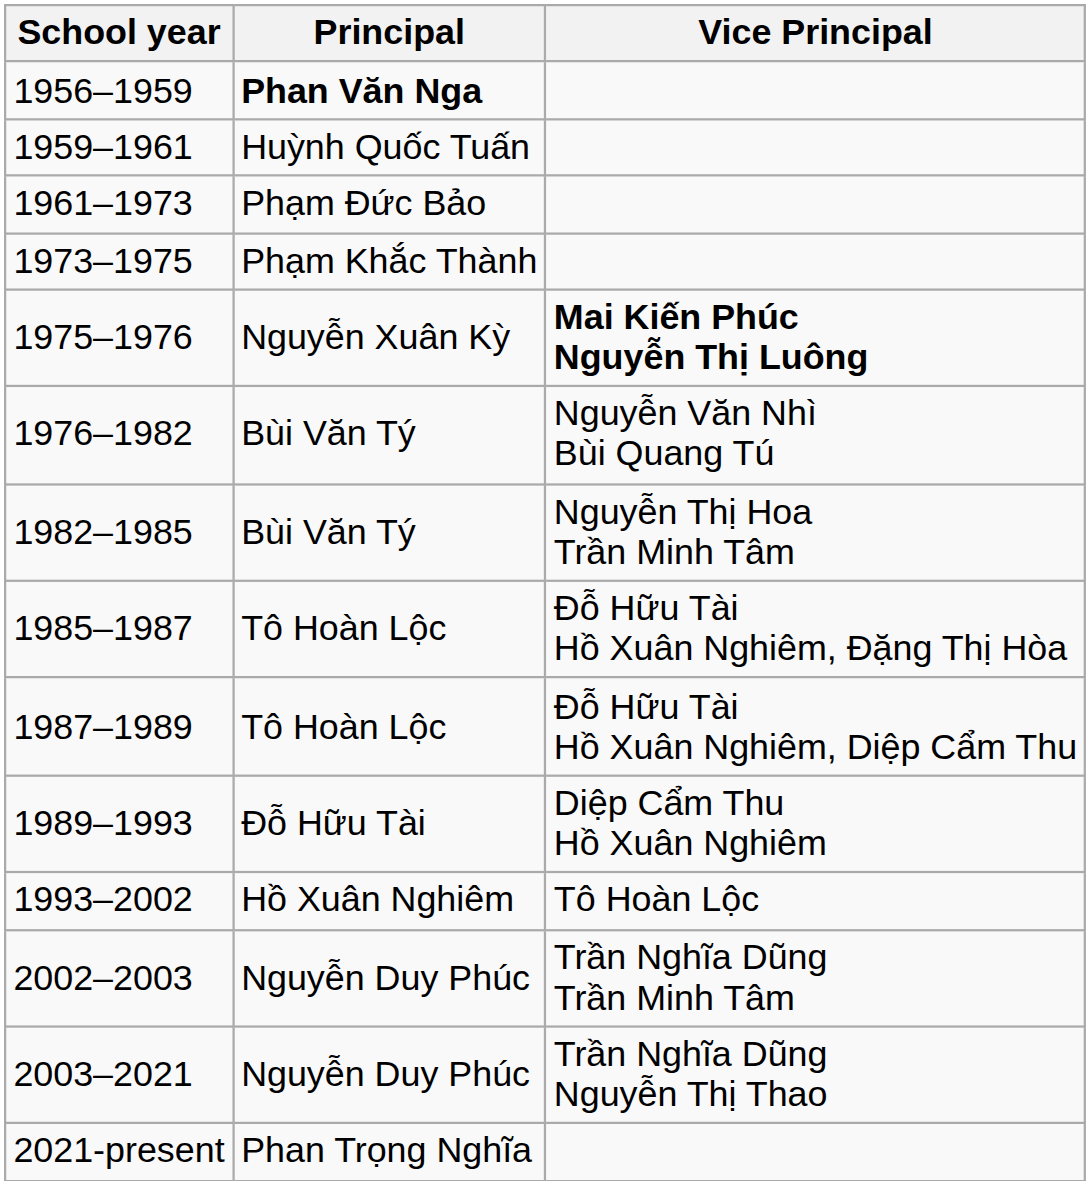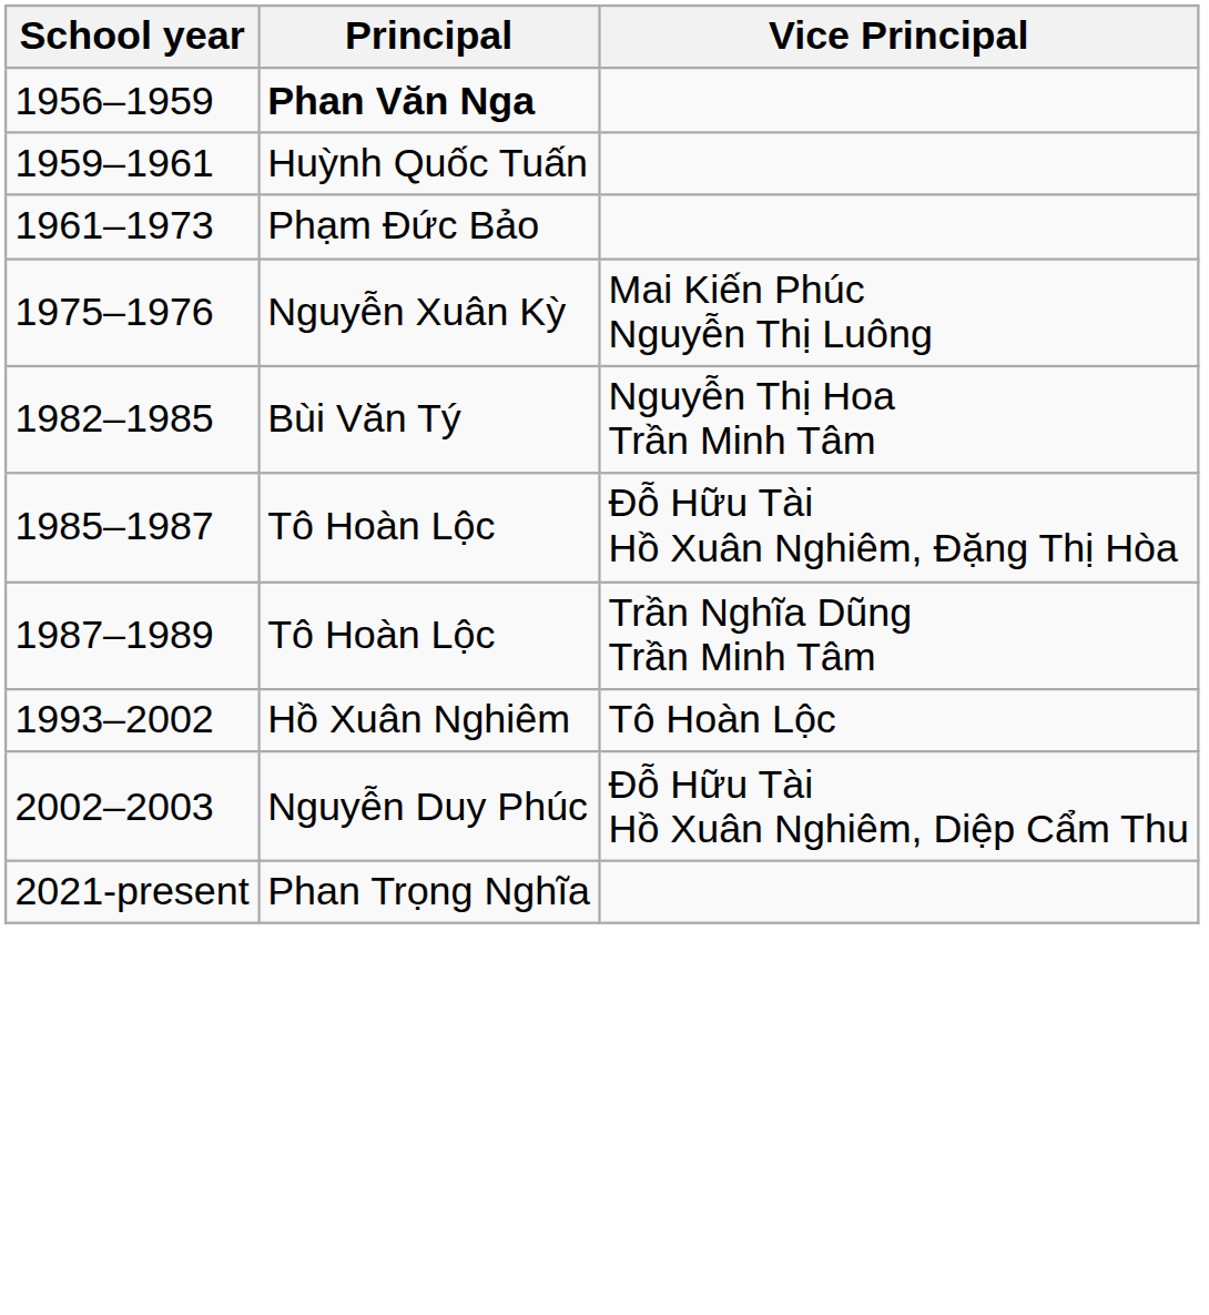 <table class="wikitable">
 <tr>
 <th>School year</th>
 <th>Principal</th>
 <th>Vice Principal</th>
 </tr>
 <tr>
 <td>1956–1959</td>
 <td><strong>Phan Văn Nga</strong></td>
 <td></td>
 </tr>
 <tr>
 <td>1959–1961</td>
 <td>Huỳnh Quốc Tuấn</td>
 <td></td>
 </tr>
 <tr>
 <td>1961–1973</td>
 <td>Phạm Đức Bảo</td>
 <td></td>
 </tr>
 <tr>
-<td>1973–1975</td>
-<td>Phạm Khắc Thành</td>
-<td></td>
-</tr>
-<tr>
 <td>1975–1976</td>
 <td>Nguyễn Xuân Kỳ</td>
-<td><strong>Mai Kiến Phúc<br>Nguyễn Thị Luông</strong></td>
-</tr>
-<tr>
-<td>1976–1982</td>
-<td>Bùi Văn Tý</td>
-<td>Nguyễn Văn Nhì<br>Bùi Quang Tú</td>
+<td>Mai Kiến Phúc<br>Nguyễn Thị Luông</td>
 </tr>
 <tr>
 <td>1982–1985</td>
 <td>Bùi Văn Tý</td>
 <td>Nguyễn Thị Hoa<br>Trần Minh Tâm</td>
 </tr>
 <tr>
 <td>1985–1987</td>
 <td>Tô Hoàn Lộc</td>
 <td>Đỗ Hữu Tài<br>Hồ Xuân Nghiêm, Đặng Thị Hòa</td>
 </tr>
 <tr>
 <td>1987–1989</td>
 <td>Tô Hoàn Lộc</td>
-<td>Đỗ Hữu Tài<br>Hồ Xuân Nghiêm, Diệp Cẩm Thu</td>
-</tr>
-<tr>
-<td>1989–1993</td>
-<td>Đỗ Hữu Tài</td>
-<td>Diệp Cẩm Thu<br>Hồ Xuân Nghiêm</td>
+<td>Trần Nghĩa Dũng<br>Trần Minh Tâm</td>
 </tr>
 <tr>
 <td>1993–2002</td>
 <td>Hồ Xuân Nghiêm</td>
 <td>Tô Hoàn Lộc</td>
 </tr>
 <tr>
 <td>2002–2003</td>
 <td>Nguyễn Duy Phúc</td>
-<td>Trần Nghĩa Dũng<br>Trần Minh Tâm</td>
-</tr>
-<tr>
-<td>2003–2021</td>
-<td>Nguyễn Duy Phúc</td>
-<td>Trần Nghĩa Dũng<br>Nguyễn Thị Thao</td>
+<td>Đỗ Hữu Tài<br>Hồ Xuân Nghiêm, Diệp Cẩm Thu</td>
 </tr>
 <tr>
 <td>2021-present</td>
 <td>Phan Trọng Nghĩa</td>
 <td></td>
 </tr>
 </table>
